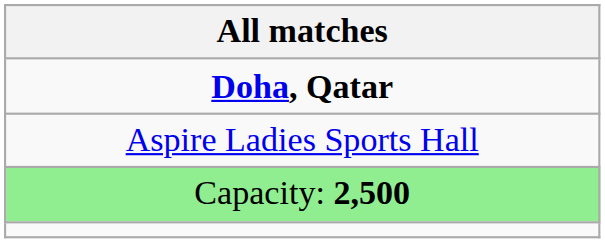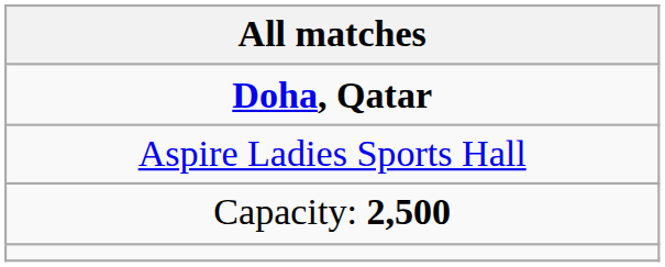 <table class="wikitable" style="text-align:center" width=280>
 <tr>
 <th>All matches</th>
 </tr>
 <tr>
 <td><strong><a href='#'>Doha</a>, Qatar</strong></td>
 </tr>
 <tr>
 <td><a href='#'>Aspire Ladies Sports Hall</a></td>
 </tr>
 <tr>
-<td style="background: lightgreen;">Capacity: <strong>2,500</strong></td>
+<td>Capacity: <strong>2,500</strong></td>
 </tr>
 <tr>
 <td></td>
 </tr>
 </table>
